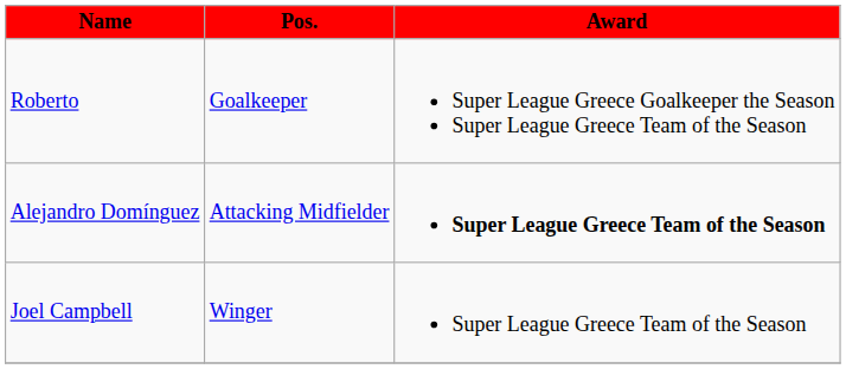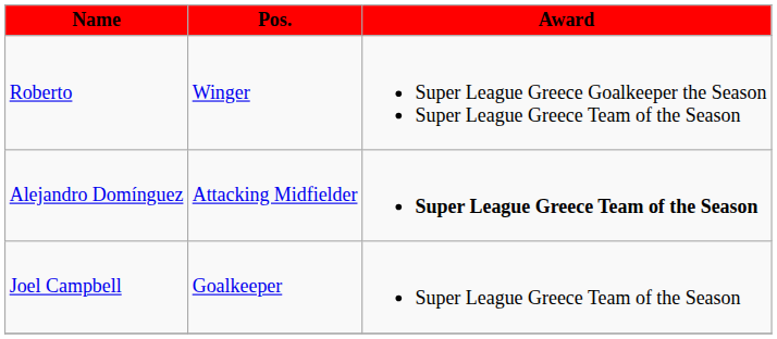 <table class="wikitable">
 <tr>
 <th style="background:#FF0000;">Name</th>
 <th style="background:#FF0000;">Pos.</th>
 <th style="background:#FF0000; !">Award</th>
 </tr>
 <tr>
 <td> <a href='#'>Roberto</a></td>
-<td><a href='#'>Goalkeeper</a></td>
+<td><a href='#'>Winger</a></td>
 <td><br><ul><li>Super League Greece  Goalkeeper the Season</li><li>Super League Greece Team of the Season</li></ul></td>
 </tr>
 <tr>
 <td> <a href='#'>Alejandro Domínguez</a></td>
 <td><a href='#'>Attacking Midfielder</a></td>
 <td><strong><br><ul><li>Super League Greece Team of the Season</li></ul></strong></td>
 </tr>
 <tr>
 <td> <a href='#'>Joel Campbell</a></td>
-<td><a href='#'>Winger</a></td>
+<td><a href='#'>Goalkeeper</a></td>
 <td><br><ul><li>Super League Greece Team of the Season</li></ul></td>
 </tr>
 <tr>
 </tr>
 </table>
